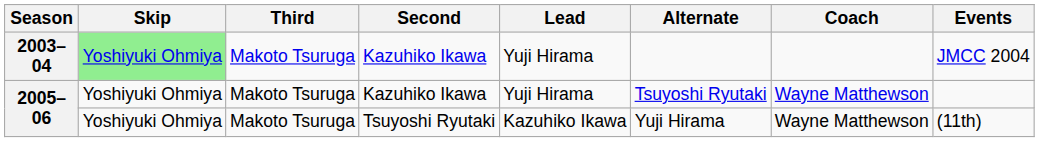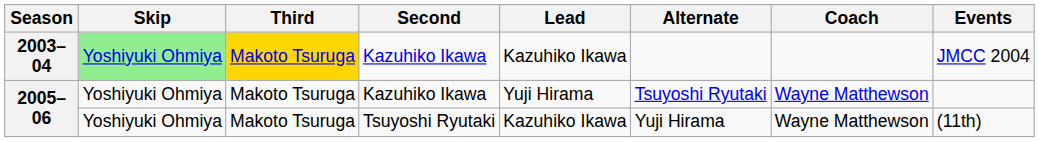 <table class="wikitable">
 <tr>
 <th scope="col" width=60>Season</th>
 <th scope="col">Skip</th>
 <th scope="col">Third</th>
 <th scope="col">Second</th>
 <th scope="col">Lead</th>
 <th scope="col">Alternate</th>
 <th scope="col">Coach</th>
 <th scope="col">Events</th>
 </tr>
 <tr>
 <th scope="row">2003–04</th>
 <td style="background: lightgreen;"><a href='#'>Yoshiyuki Ohmiya</a></td>
-<td><a href='#'>Makoto Tsuruga</a></td>
+<td style="background: gold;"><a href='#'>Makoto Tsuruga</a></td>
 <td><a href='#'>Kazuhiko Ikawa</a></td>
-<td>Yuji Hirama</td>
+<td>Kazuhiko Ikawa</td>
 <td></td>
 <td></td>
 <td><a href='#'>JMCC</a> 2004 </td>
 </tr>
 <tr>
 <th scope="row" rowspan=2>2005–06</th>
 <td>Yoshiyuki Ohmiya</td>
 <td>Makoto Tsuruga</td>
 <td>Kazuhiko Ikawa</td>
 <td>Yuji Hirama</td>
 <td><a href='#'>Tsuyoshi Ryutaki</a></td>
 <td><a href='#'>Wayne Matthewson</a></td>
 <td> </td>
 </tr>
 <tr>
 <td>Yoshiyuki Ohmiya</td>
 <td>Makoto Tsuruga</td>
 <td>Tsuyoshi Ryutaki</td>
 <td>Kazuhiko Ikawa</td>
 <td>Yuji Hirama</td>
 <td>Wayne Matthewson</td>
 <td> (11th)</td>
 </tr>
 </table>
